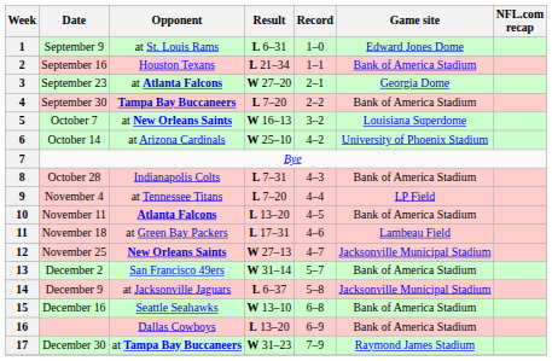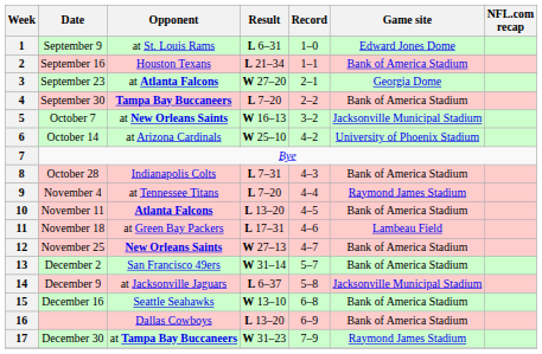 <table class="wikitable" style="text-align:center">
 <tr>
 <th>Week</th>
 <th>Date</th>
 <th>Opponent</th>
 <th>Result</th>
 <th>Record</th>
 <th>Game site</th>
 <th>NFL.com<br>recap</th>
 </tr>
 <tr style="text-align:center; background:#cfc;">
 <th>1</th>
 <td>September 9</td>
 <td>at <a href='#'>St. Louis Rams</a></td>
 <td><strong>L</strong> 6–31</td>
 <td>1–0</td>
 <td><a href='#'>Edward Jones Dome</a></td>
 <td></td>
 </tr>
 <tr style="text-align:center; background:#fcc;">
 <th>2</th>
 <td>September 16</td>
 <td><a href='#'>Houston Texans</a></td>
 <td><strong>L</strong> 21–34</td>
 <td>1–1</td>
 <td><a href='#'>Bank of America Stadium</a></td>
 <td></td>
 </tr>
 <tr style="text-align:center; background:#cfc;">
 <th>3</th>
 <td>September 23</td>
 <td>at <strong><a href='#'>Atlanta Falcons</a></strong></td>
 <td><strong>W</strong> 27–20</td>
 <td>2–1</td>
 <td><a href='#'>Georgia Dome</a></td>
 <td></td>
 </tr>
 <tr style="text-align:center; background:#fcc;">
 <th>4</th>
 <td>September 30</td>
 <td><strong><a href='#'>Tampa Bay Buccaneers</a></strong></td>
 <td><strong>L</strong> 7–20</td>
 <td>2–2</td>
 <td>Bank of America Stadium</td>
 <td></td>
 </tr>
 <tr style="text-align:center; background:#cfc;">
 <th>5</th>
 <td>October 7</td>
 <td>at  <strong><a href='#'>New Orleans Saints</a></strong></td>
 <td><strong>W</strong> 16–13</td>
 <td>3–2</td>
-<td><a href='#'>Louisiana Superdome</a></td>
+<td><a href='#'>Jacksonville Municipal Stadium</a></td>
 <td></td>
 </tr>
 <tr style="text-align:center; background:#cfc;">
 <th>6</th>
 <td>October 14</td>
 <td>at <a href='#'>Arizona Cardinals</a></td>
 <td><strong>W</strong> 25–10</td>
 <td>4–2</td>
 <td><a href='#'>University of Phoenix Stadium</a></td>
 <td></td>
 </tr>
 <tr style="text-align:center;">
 <th>7</th>
 <td colspan="6"><em><a href='#'>Bye</a></em></td>
 </tr>
 <tr style="text-align:center; background:#fcc;">
 <th>8</th>
 <td>October 28</td>
 <td><a href='#'>Indianapolis Colts</a></td>
 <td><strong>L</strong> 7–31</td>
 <td>4–3</td>
 <td>Bank of America Stadium</td>
 <td></td>
 </tr>
 <tr style="text-align:center; background:#fcc;">
 <th>9</th>
 <td>November 4</td>
 <td>at <a href='#'>Tennessee Titans</a></td>
 <td><strong>L</strong> 7–20</td>
 <td>4–4</td>
-<td><a href='#'>LP Field</a></td>
+<td><a href='#'>Raymond James Stadium</a></td>
 <td></td>
 </tr>
 <tr style="text-align:center; background:#fcc;">
 <th>10</th>
 <td>November 11</td>
 <td><strong><a href='#'>Atlanta Falcons</a></strong></td>
 <td><strong>L</strong> 13–20</td>
 <td>4–5</td>
 <td>Bank of America Stadium</td>
 <td></td>
 </tr>
 <tr style="text-align:center; background:#fcc;">
 <th>11</th>
 <td>November 18</td>
 <td>at <a href='#'>Green Bay Packers</a></td>
 <td><strong>L</strong> 17–31</td>
 <td>4–6</td>
 <td><a href='#'>Lambeau Field</a></td>
 <td></td>
 </tr>
 <tr style="text-align:center; background:#fcc;">
 <th>12</th>
 <td>November 25</td>
 <td><strong><a href='#'>New Orleans Saints</a></strong></td>
 <td><strong>W</strong> 27–13</td>
 <td>4–7</td>
-<td><a href='#'>Jacksonville Municipal Stadium</a></td>
+<td>Bank of America Stadium</td>
 <td></td>
 </tr>
 <tr style="text-align:center; background:#cfc;">
 <th>13</th>
 <td>December 2</td>
 <td><a href='#'>San Francisco 49ers</a></td>
 <td><strong>W</strong> 31–14</td>
 <td>5–7</td>
 <td>Bank of America Stadium</td>
 <td></td>
 </tr>
 <tr style="text-align:center; background:#fcc;">
 <th>14</th>
 <td>December 9</td>
 <td>at <a href='#'>Jacksonville Jaguars</a></td>
 <td><strong>L</strong> 6–37</td>
 <td>5–8</td>
 <td><a href='#'>Jacksonville Municipal Stadium</a></td>
 <td></td>
 </tr>
 <tr style="text-align:center; background:#cfc;">
 <th>15</th>
 <td>December 16</td>
 <td><a href='#'>Seattle Seahawks</a></td>
 <td><strong>W</strong> 13–10</td>
 <td>6–8</td>
 <td>Bank of America Stadium</td>
 <td></td>
 </tr>
 <tr style="text-align:center; background:#fcc;">
 <th>16</th>
 <td></td>
 <td><a href='#'>Dallas Cowboys</a></td>
 <td><strong>L</strong> 13–20</td>
 <td>6–9</td>
 <td>Bank of America Stadium</td>
 <td></td>
 </tr>
 <tr style="text-align:center; background:#cfc;">
 <th>17</th>
 <td>December 30</td>
 <td>at <strong><a href='#'>Tampa Bay Buccaneers</a></strong></td>
 <td><strong>W</strong> 31–23</td>
 <td>7–9</td>
 <td><a href='#'>Raymond James Stadium</a></td>
 <td></td>
 </tr>
 <tr>
 </tr>
 </table>
